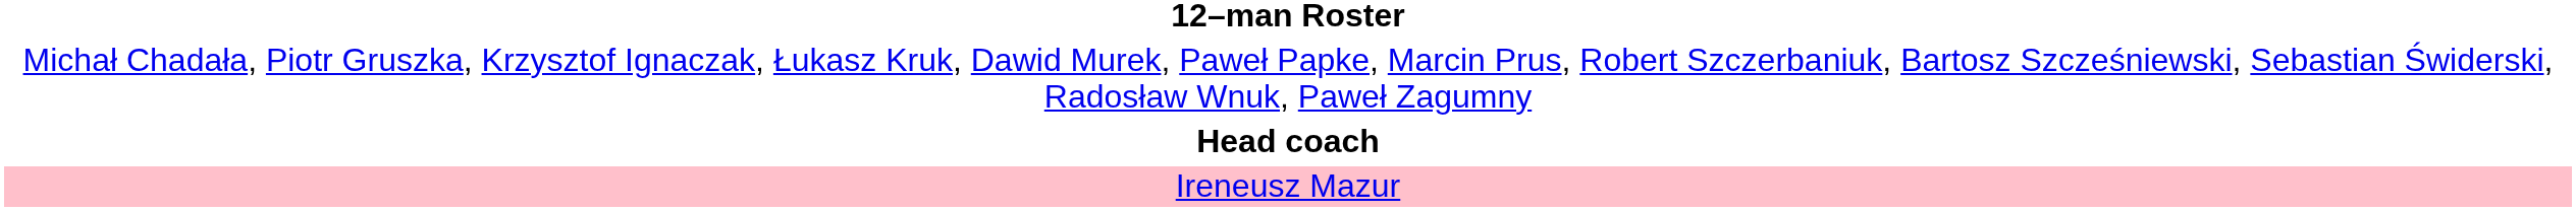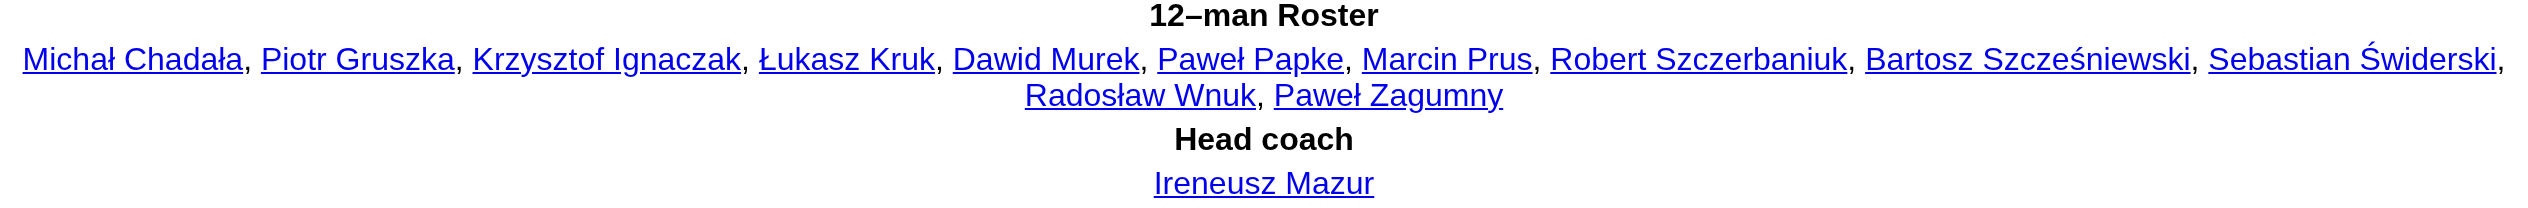 <table style="text-align: center; margin-top: 2em; margin-left: auto; margin-right: auto">
 <tr>
 <td><strong>12–man Roster</strong></td>
 </tr>
 <tr>
 <td><a href='#'>Michał Chadała</a>, <a href='#'>Piotr Gruszka</a>, <a href='#'>Krzysztof Ignaczak</a>, <a href='#'>Łukasz Kruk</a>, <a href='#'>Dawid Murek</a>, <a href='#'>Paweł Papke</a>, <a href='#'>Marcin Prus</a>, <a href='#'>Robert Szczerbaniuk</a>, <a href='#'>Bartosz Szcześniewski</a>, <a href='#'>Sebastian Świderski</a>, <a href='#'>Radosław Wnuk</a>, <a href='#'>Paweł Zagumny</a></td>
 </tr>
 <tr>
 <td><strong>Head coach</strong></td>
 </tr>
 <tr>
-<td style="background: pink;"><a href='#'>Ireneusz Mazur</a></td>
+<td><a href='#'>Ireneusz Mazur</a></td>
 </tr>
 </table>
